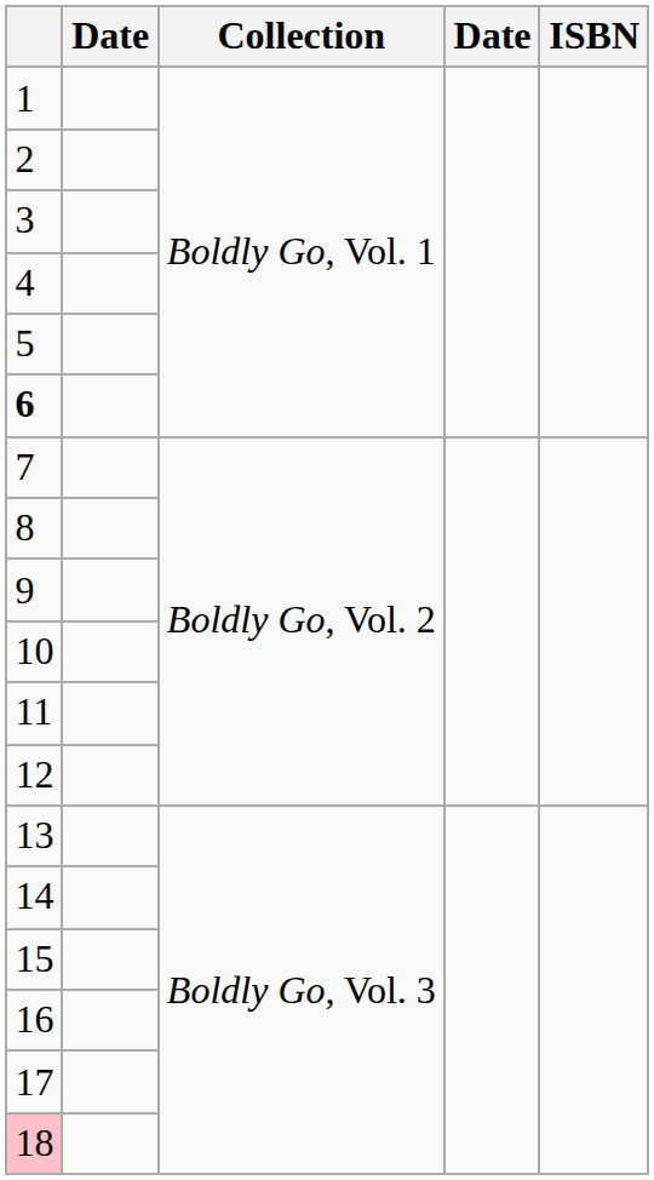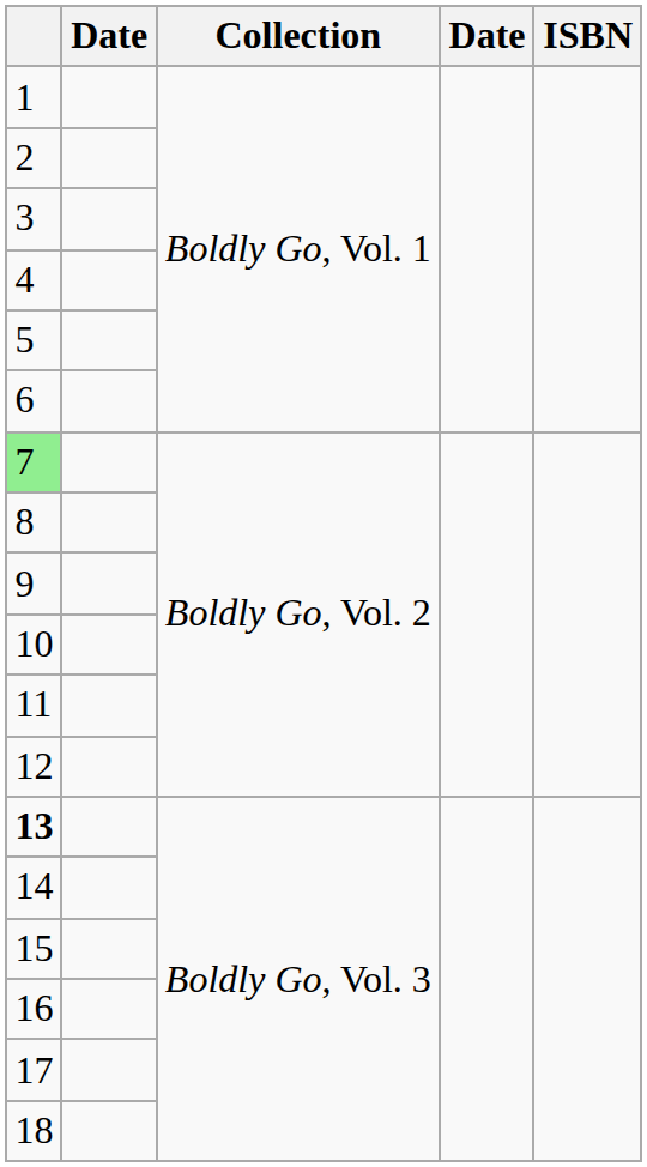 <table class="wikitable">
 <tr>
 <th></th>
 <th>Date</th>
 <th>Collection</th>
 <th>Date</th>
 <th>ISBN</th>
 </tr>
 <tr>
 <td>1</td>
 <td></td>
 <td rowspan="6"><em>Boldly Go</em>, Vol. 1</td>
 <td rowspan="6"></td>
 <td rowspan="6"></td>
 </tr>
 <tr>
 <td>2</td>
 <td></td>
 </tr>
 <tr>
 <td>3</td>
 <td></td>
 </tr>
 <tr>
 <td>4</td>
 <td></td>
 </tr>
 <tr>
 <td>5</td>
 <td></td>
 </tr>
 <tr>
-<td><strong>6</strong></td>
+<td>6</td>
 <td></td>
 </tr>
 <tr>
-<td>7</td>
+<td style="background: lightgreen;">7</td>
 <td></td>
 <td rowspan="6"><em>Boldly Go</em>, Vol. 2</td>
 <td rowspan="6"></td>
 <td rowspan="6"></td>
 </tr>
 <tr>
 <td>8</td>
 <td></td>
 </tr>
 <tr>
 <td>9</td>
 <td></td>
 </tr>
 <tr>
 <td>10</td>
 <td></td>
 </tr>
 <tr>
 <td>11</td>
 <td></td>
 </tr>
 <tr>
 <td>12</td>
 <td></td>
 </tr>
 <tr>
-<td>13</td>
+<td><strong>13</strong></td>
 <td></td>
 <td rowspan="6"><em>Boldly Go</em>, Vol. 3</td>
 <td rowspan="6"></td>
 <td rowspan="6"></td>
 </tr>
 <tr>
 <td>14</td>
 <td></td>
 </tr>
 <tr>
 <td>15</td>
 <td></td>
 </tr>
 <tr>
 <td>16</td>
 <td></td>
 </tr>
 <tr>
 <td>17</td>
 <td></td>
 </tr>
 <tr>
-<td style="background: pink;">18</td>
+<td>18</td>
 <td></td>
 </tr>
 </table>
